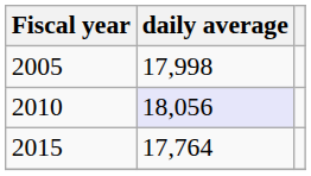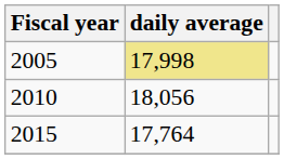 <table class="wikitable">
 <tr>
 <th>Fiscal year</th>
 <th>daily average</th>
 <th></th>
 </tr>
 <tr>
 <td>2005</td>
-<td>17,998</td>
+<td style="background: khaki;">17,998</td>
 <td></td>
 </tr>
 <tr>
 <td>2010</td>
-<td style="background: lavender;">18,056</td>
+<td>18,056</td>
 <td></td>
 </tr>
 <tr>
 <td>2015</td>
 <td>17,764</td>
 <td></td>
 </tr>
 <tr>
 </tr>
 </table>
